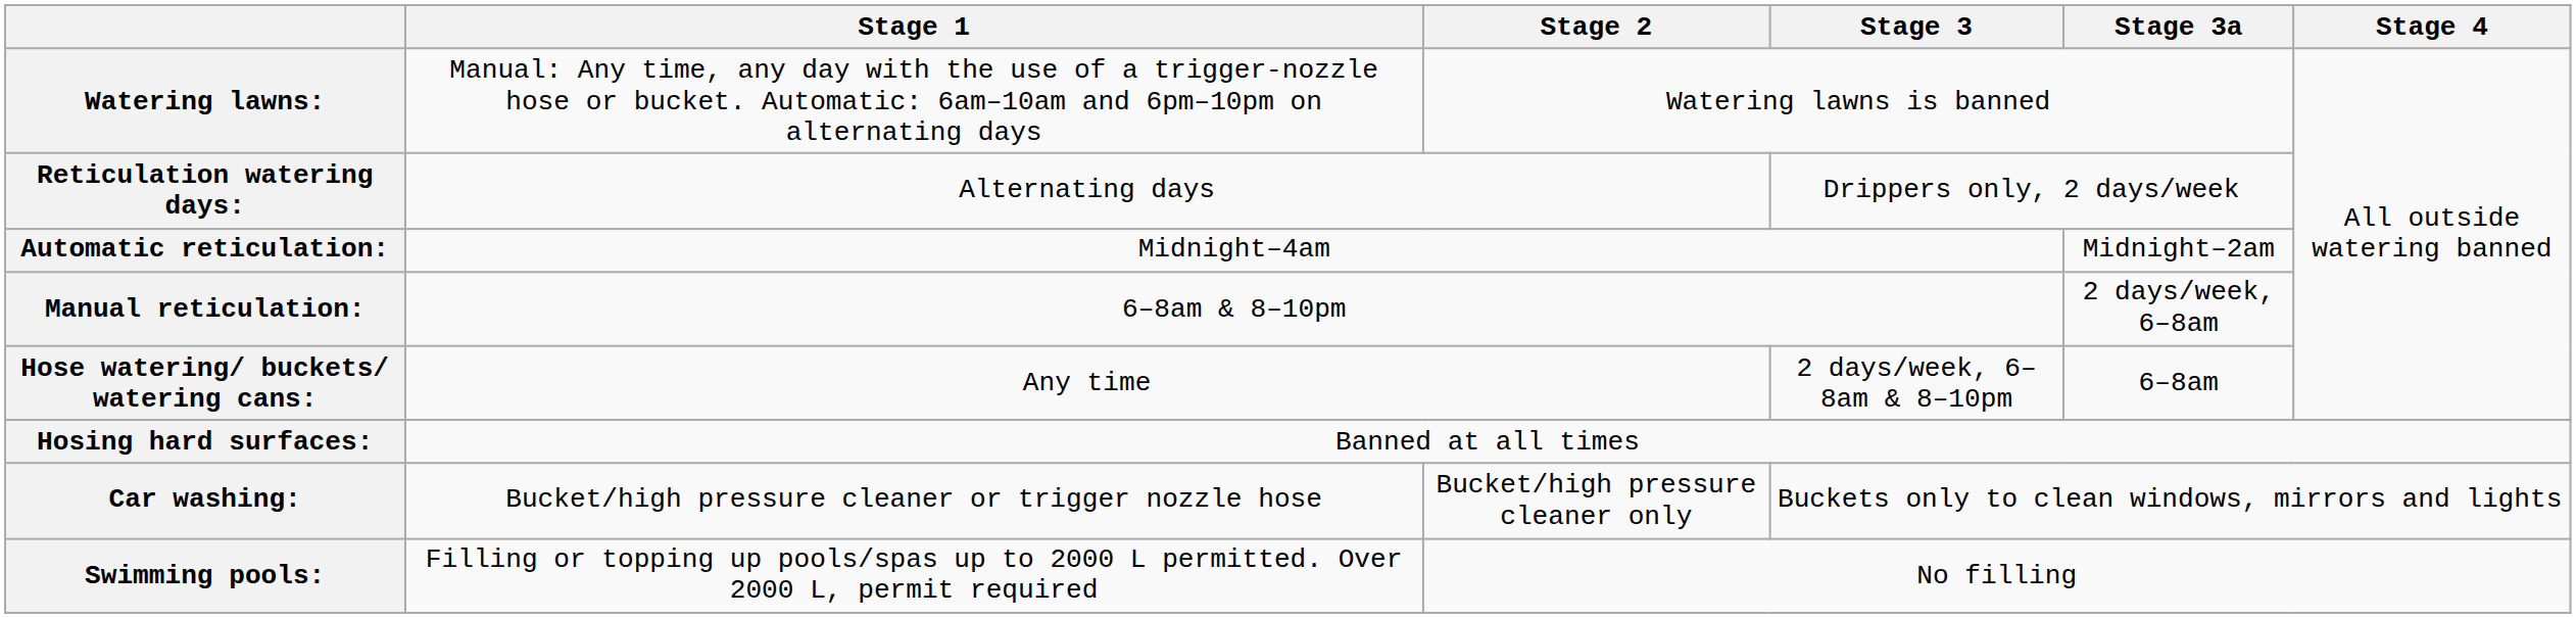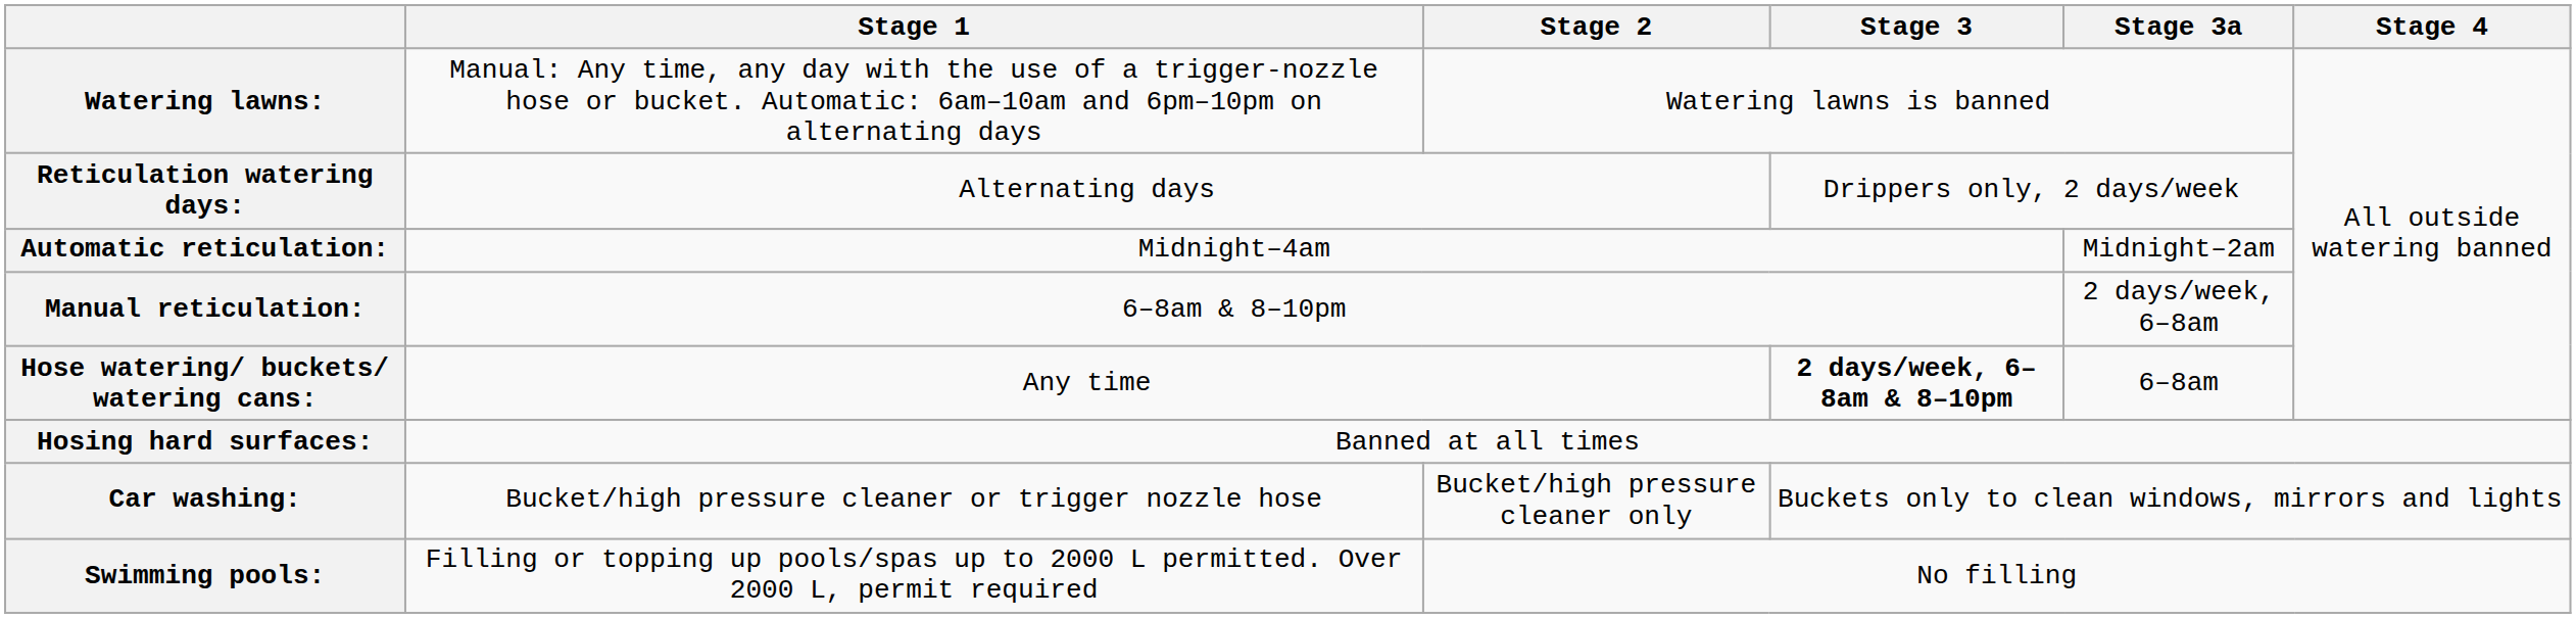 <table class="wikitable" style="text-align:center">
 <tr>
 <th></th>
 <th>Stage 1</th>
 <th>Stage 2</th>
 <th>Stage 3</th>
 <th>Stage 3a</th>
 <th>Stage 4</th>
 </tr>
 <tr>
 <th>Watering lawns:</th>
 <td>Manual: Any time, any day with the use of a trigger-nozzle hose or bucket. Automatic: 6am–10am and 6pm–10pm on alternating days</td>
 <td colspan=3>Watering lawns is banned</td>
 <td rowspan=5>All outside watering banned</td>
 </tr>
 <tr>
 <th>Reticulation watering days:</th>
 <td colspan=2>Alternating days</td>
 <td colspan=2>Drippers only, 2 days/week</td>
 </tr>
 <tr>
 <th>Automatic reticulation:</th>
 <td colspan=3>Midnight–4am</td>
 <td>Midnight–2am</td>
 </tr>
 <tr>
 <th>Manual reticulation:</th>
 <td colspan=3>6–8am & 8–10pm</td>
 <td>2 days/week, 6–8am</td>
 </tr>
 <tr>
 <th>Hose watering/ buckets/ watering cans:</th>
 <td colspan=2>Any time</td>
-<td>2 days/week, 6–8am & 8–10pm</td>
+<td><strong>2 days/week, 6–8am & 8–10pm</strong></td>
 <td>6–8am</td>
 </tr>
 <tr>
 <th>Hosing hard surfaces:</th>
 <td colspan=5>Banned at all times</td>
 </tr>
 <tr>
 <th>Car washing:</th>
 <td>Bucket/high pressure cleaner or trigger nozzle hose</td>
 <td>Bucket/high pressure cleaner only</td>
 <td colspan=3>Buckets only to clean windows, mirrors and lights</td>
 </tr>
 <tr>
 <th>Swimming pools:</th>
 <td>Filling or topping up pools/spas up to 2000 L permitted. Over 2000 L, permit required</td>
 <td colspan=4>No filling</td>
 </tr>
 </table>
